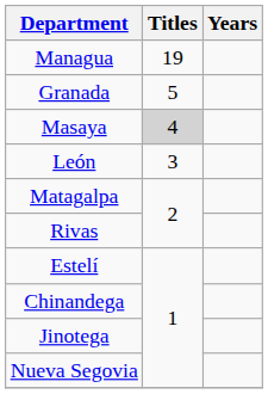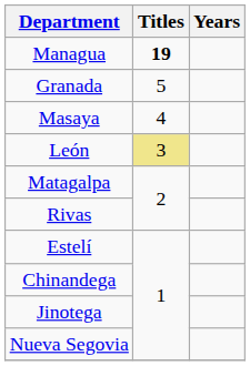 <table class="wikitable sortable" style="font-size: 95%; text-align:center">
 <tr>
 <th><a href='#'>Department</a></th>
 <th>Titles</th>
 <th>Years</th>
 </tr>
 <tr>
 <td><a href='#'>Managua</a></td>
-<td style="text-align:center;">19</td>
+<td style="text-align:center;"><strong>19</strong></td>
 <td></td>
 </tr>
 <tr>
 <td><a href='#'>Granada</a></td>
 <td rowspan="1" style="text-align:center;">5</td>
 <td></td>
 </tr>
 <tr>
 <td><a href='#'>Masaya</a></td>
-<td rowspan="1" style="background: lightgrey; text-align:center;">4</td>
+<td rowspan="1" style="text-align:center;">4</td>
 <td></td>
 </tr>
 <tr>
 <td><a href='#'>León</a></td>
-<td rowspan="1" style="text-align:center;">3</td>
+<td rowspan="1" style="background: khaki; text-align:center;">3</td>
 <td></td>
 </tr>
 <tr>
 <td><a href='#'>Matagalpa</a></td>
 <td rowspan="2" style="text-align:center;">2</td>
 <td></td>
 </tr>
 <tr>
 <td><a href='#'>Rivas</a></td>
 <td></td>
 </tr>
 <tr>
 <td><a href='#'>Estelí</a></td>
 <td rowspan="4" style="text-align:center;">1</td>
 <td></td>
 </tr>
 <tr>
 <td><a href='#'>Chinandega</a></td>
 <td></td>
 </tr>
 <tr>
 <td><a href='#'>Jinotega</a></td>
 <td></td>
 </tr>
 <tr>
 <td><a href='#'>Nueva Segovia</a></td>
 <td></td>
 </tr>
 <tr>
 </tr>
 </table>
